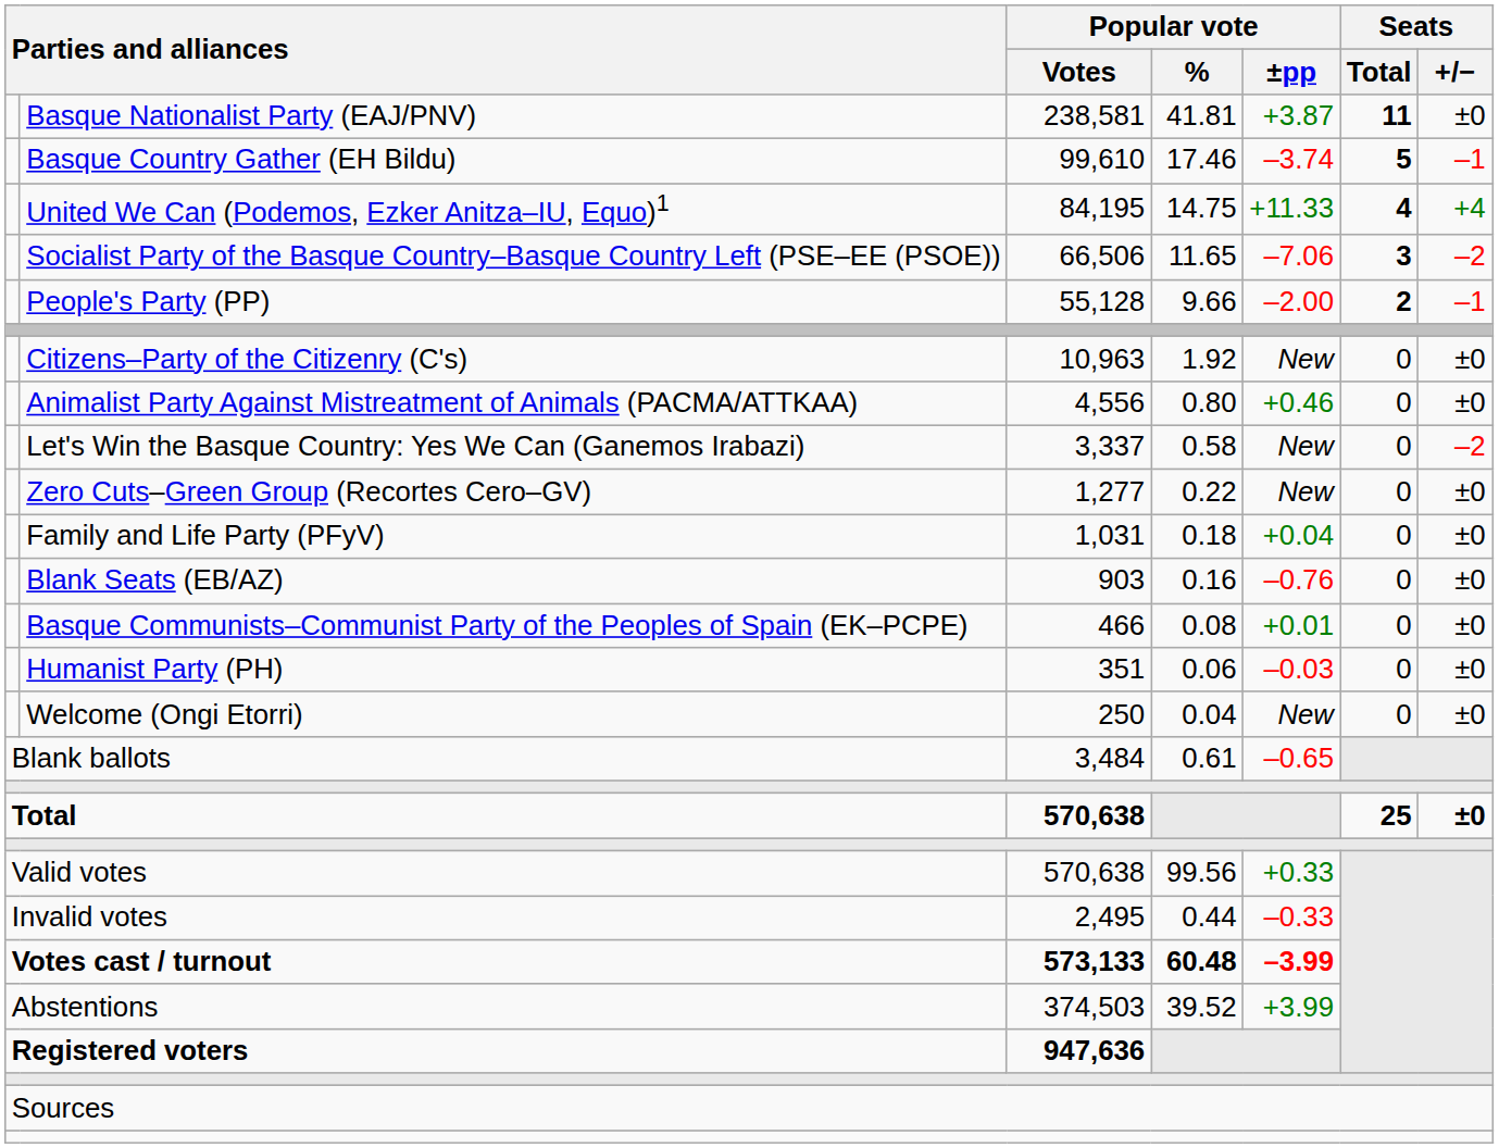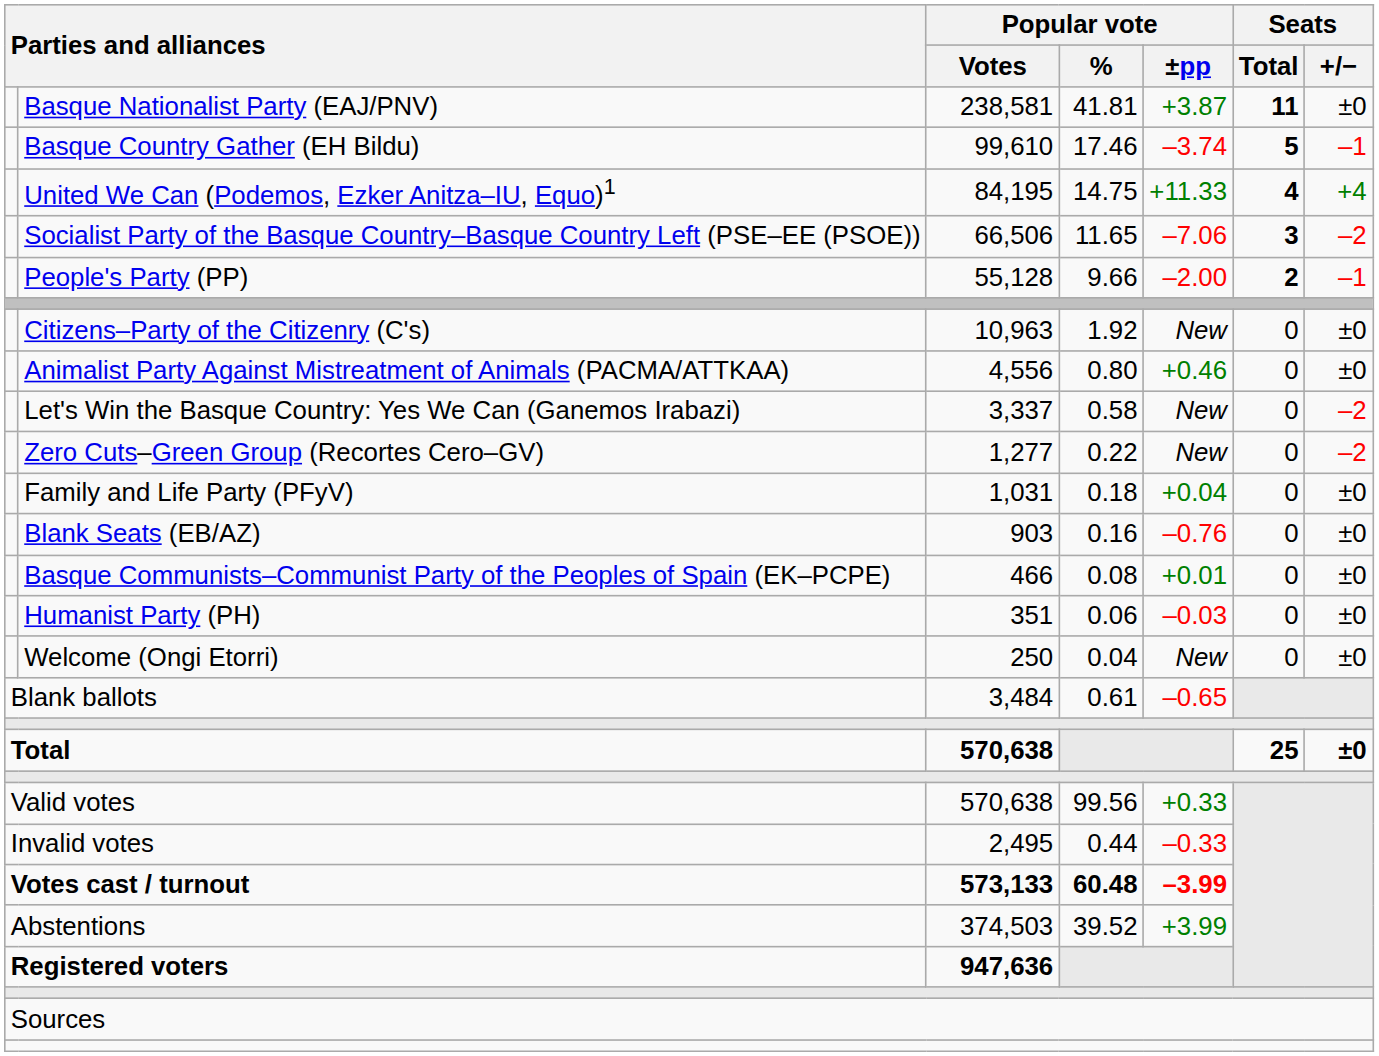 <table class="wikitable" style="text-align:right;">
 <tr>
 <th style="text-align:left;" rowspan="2" colspan="2" width="525">Parties and alliances</th>
 <th colspan="3">Popular vote</th>
 <th colspan="2">Seats</th>
 </tr>
 <tr>
 <th width="75">Votes</th>
 <th width="45">%</th>
 <th width="45">±<a href='#'>pp</a></th>
 <th width="35">Total</th>
 <th width="35">+/−</th>
 </tr>
 <tr>
 <td width="1" style="color:inherit;background:"></td>
 <td align="left"><a href='#'>Basque Nationalist Party</a> (EAJ/PNV)</td>
 <td>238,581</td>
 <td>41.81</td>
 <td style="color:green;">+3.87</td>
 <td><strong>11</strong></td>
 <td>±0</td>
 </tr>
 <tr>
 <td style="color:inherit;background:"></td>
 <td align="left"><a href='#'>Basque Country Gather</a> (EH Bildu)</td>
 <td>99,610</td>
 <td>17.46</td>
 <td style="color:red;">–3.74</td>
 <td><strong>5</strong></td>
 <td style="color:red;">–1</td>
 </tr>
 <tr>
 <td style="color:inherit;background:"></td>
 <td align="left"><a href='#'>United We Can</a> (<a href='#'>Podemos</a>, <a href='#'>Ezker Anitza–IU</a>, <a href='#'>Equo</a>)<sup>1</sup></td>
 <td>84,195</td>
 <td>14.75</td>
 <td style="color:green;">+11.33</td>
 <td><strong>4</strong></td>
 <td style="color:green;">+4</td>
 </tr>
 <tr>
 <td style="color:inherit;background:"></td>
 <td align="left"><a href='#'>Socialist Party of the Basque Country–Basque Country Left</a> (PSE–EE (PSOE))</td>
 <td>66,506</td>
 <td>11.65</td>
 <td style="color:red;">–7.06</td>
 <td><strong>3</strong></td>
 <td style="color:red;">–2</td>
 </tr>
 <tr>
 <td style="color:inherit;background:"></td>
 <td align="left"><a href='#'>People's Party</a> (PP)</td>
 <td>55,128</td>
 <td>9.66</td>
 <td style="color:red;">–2.00</td>
 <td><strong>2</strong></td>
 <td style="color:red;">–1</td>
 </tr>
 <tr>
 <td colspan="7" bgcolor="#C0C0C0"></td>
 </tr>
 <tr>
 <td style="color:inherit;background:"></td>
 <td align="left"><a href='#'>Citizens–Party of the Citizenry</a> (C's)</td>
 <td>10,963</td>
 <td>1.92</td>
 <td><em>New</em></td>
 <td>0</td>
 <td>±0</td>
 </tr>
 <tr>
 <td style="color:inherit;background:"></td>
 <td align="left"><a href='#'>Animalist Party Against Mistreatment of Animals</a> (PACMA/ATTKAA)</td>
 <td>4,556</td>
 <td>0.80</td>
 <td style="color:green;">+0.46</td>
 <td>0</td>
 <td>±0</td>
 </tr>
 <tr>
 <td style="color:inherit;background:"></td>
 <td align="left">Let's Win the Basque Country: Yes We Can (Ganemos Irabazi)</td>
 <td>3,337</td>
 <td>0.58</td>
 <td><em>New</em></td>
 <td>0</td>
 <td style="color:red;">–2</td>
 </tr>
 <tr>
 <td style="color:inherit;background:"></td>
 <td align="left"><a href='#'>Zero Cuts</a>–<a href='#'>Green Group</a> (Recortes Cero–GV)</td>
 <td>1,277</td>
 <td>0.22</td>
 <td><em>New</em></td>
 <td>0</td>
-<td>±0</td>
+<td style="color:red;">–2</td>
 </tr>
 <tr>
 <td style="color:inherit;background:"></td>
 <td align="left">Family and Life Party (PFyV)</td>
 <td>1,031</td>
 <td>0.18</td>
 <td style="color:green;">+0.04</td>
 <td>0</td>
 <td>±0</td>
 </tr>
 <tr>
 <td style="color:inherit;background:"></td>
 <td align="left"><a href='#'>Blank Seats</a> (EB/AZ)</td>
 <td>903</td>
 <td>0.16</td>
 <td style="color:red;">–0.76</td>
 <td>0</td>
 <td>±0</td>
 </tr>
 <tr>
 <td style="color:inherit;background:"></td>
 <td align="left"><a href='#'>Basque Communists–Communist Party of the Peoples of Spain</a> (EK–PCPE)</td>
 <td>466</td>
 <td>0.08</td>
 <td style="color:green;">+0.01</td>
 <td>0</td>
 <td>±0</td>
 </tr>
 <tr>
 <td style="color:inherit;background:"></td>
 <td align="left"><a href='#'>Humanist Party</a> (PH)</td>
 <td>351</td>
 <td>0.06</td>
 <td style="color:red;">–0.03</td>
 <td>0</td>
 <td>±0</td>
 </tr>
 <tr>
 <td style="color:inherit;background:"></td>
 <td align="left">Welcome (Ongi Etorri)</td>
 <td>250</td>
 <td>0.04</td>
 <td><em>New</em></td>
 <td>0</td>
 <td>±0</td>
 </tr>
 <tr>
 <td align="left" colspan="2">Blank ballots</td>
 <td>3,484</td>
 <td>0.61</td>
 <td style="color:red;">–0.65</td>
 <td bgcolor="#E9E9E9" colspan="2"></td>
 </tr>
 <tr>
 <td colspan="7" bgcolor="#E9E9E9"></td>
 </tr>
 <tr style="font-weight:bold;">
 <td align="left" colspan="2">Total</td>
 <td>570,638</td>
 <td bgcolor="#E9E9E9" colspan="2"></td>
 <td>25</td>
 <td>±0</td>
 </tr>
 <tr>
 <td colspan="7" bgcolor="#E9E9E9"></td>
 </tr>
 <tr>
 <td align="left" colspan="2">Valid votes</td>
 <td>570,638</td>
 <td>99.56</td>
 <td style="color:green;">+0.33</td>
 <td bgcolor="#E9E9E9" colspan="2" rowspan="5"></td>
 </tr>
 <tr>
 <td align="left" colspan="2">Invalid votes</td>
 <td>2,495</td>
 <td>0.44</td>
 <td style="color:red;">–0.33</td>
 </tr>
 <tr style="font-weight:bold;">
 <td align="left" colspan="2">Votes cast / turnout</td>
 <td>573,133</td>
 <td>60.48</td>
 <td style="color:red;">–3.99</td>
 </tr>
 <tr>
 <td align="left" colspan="2">Abstentions</td>
 <td>374,503</td>
 <td>39.52</td>
 <td style="color:green;">+3.99</td>
 </tr>
 <tr style="font-weight:bold;">
 <td align="left" colspan="2">Registered voters</td>
 <td>947,636</td>
 <td bgcolor="#E9E9E9" colspan="2"></td>
 </tr>
 <tr>
 <td colspan="7" bgcolor="#E9E9E9"></td>
 </tr>
 <tr>
 <td align="left" colspan="7">Sources</td>
 </tr>
 <tr>
 <td colspan="7" style="text-align:left; max-width:790px;"></td>
 </tr>
 </table>
